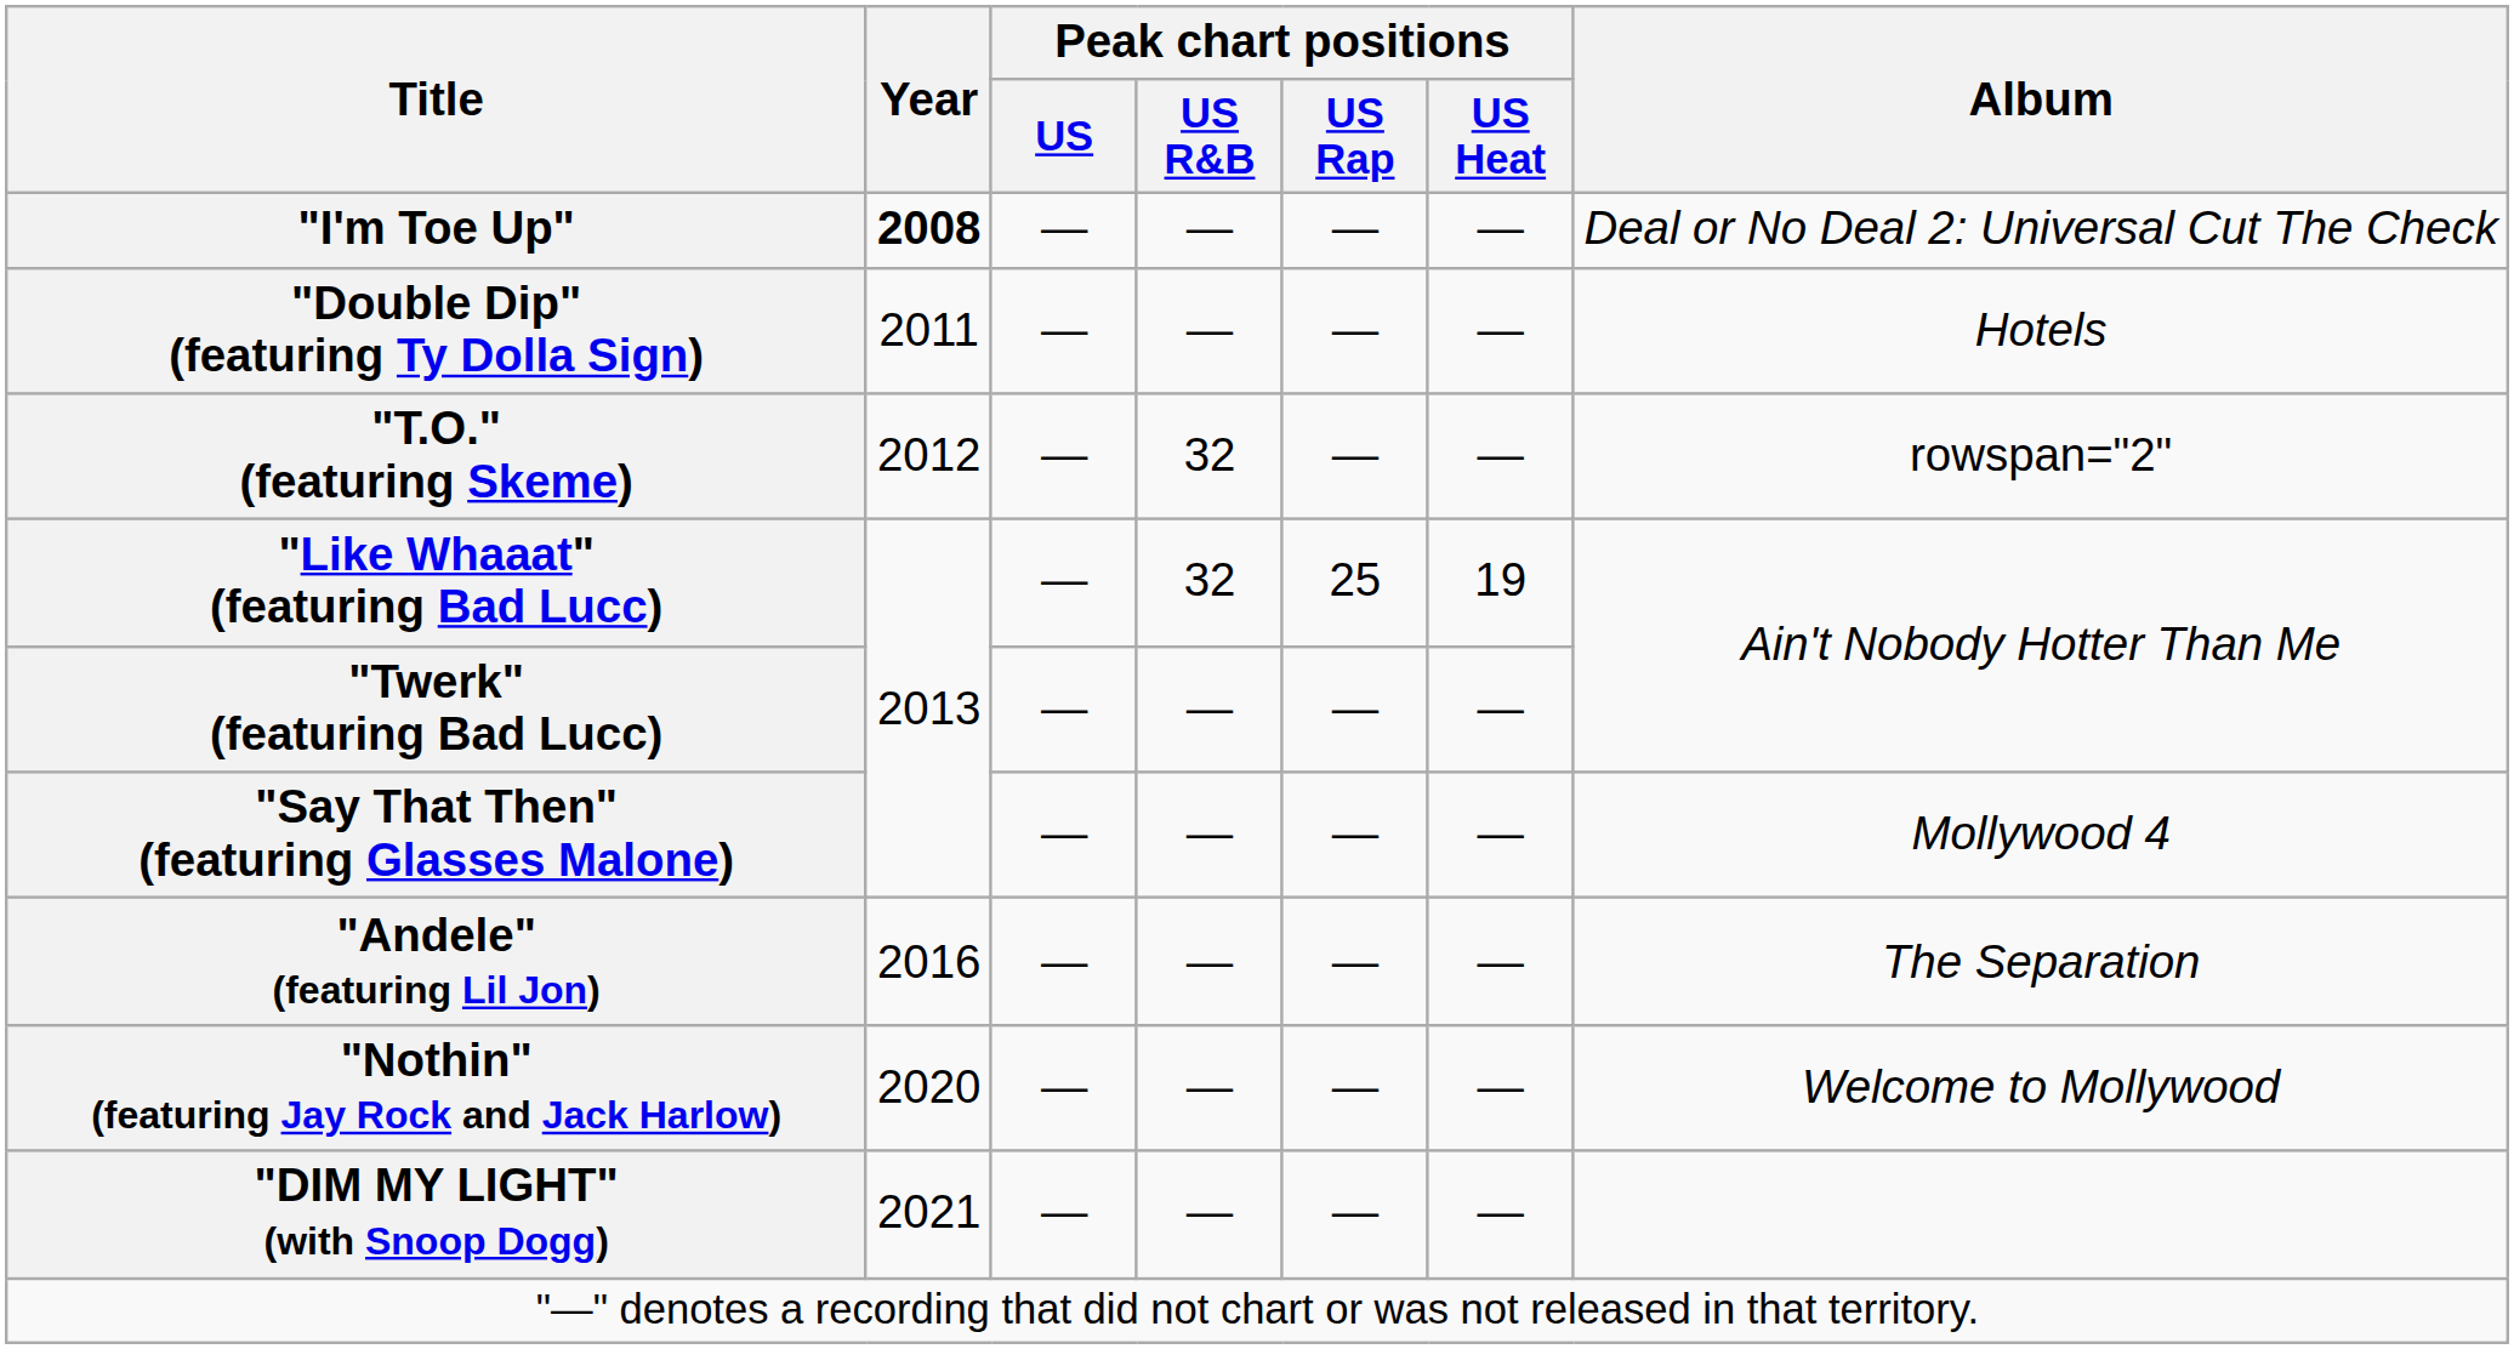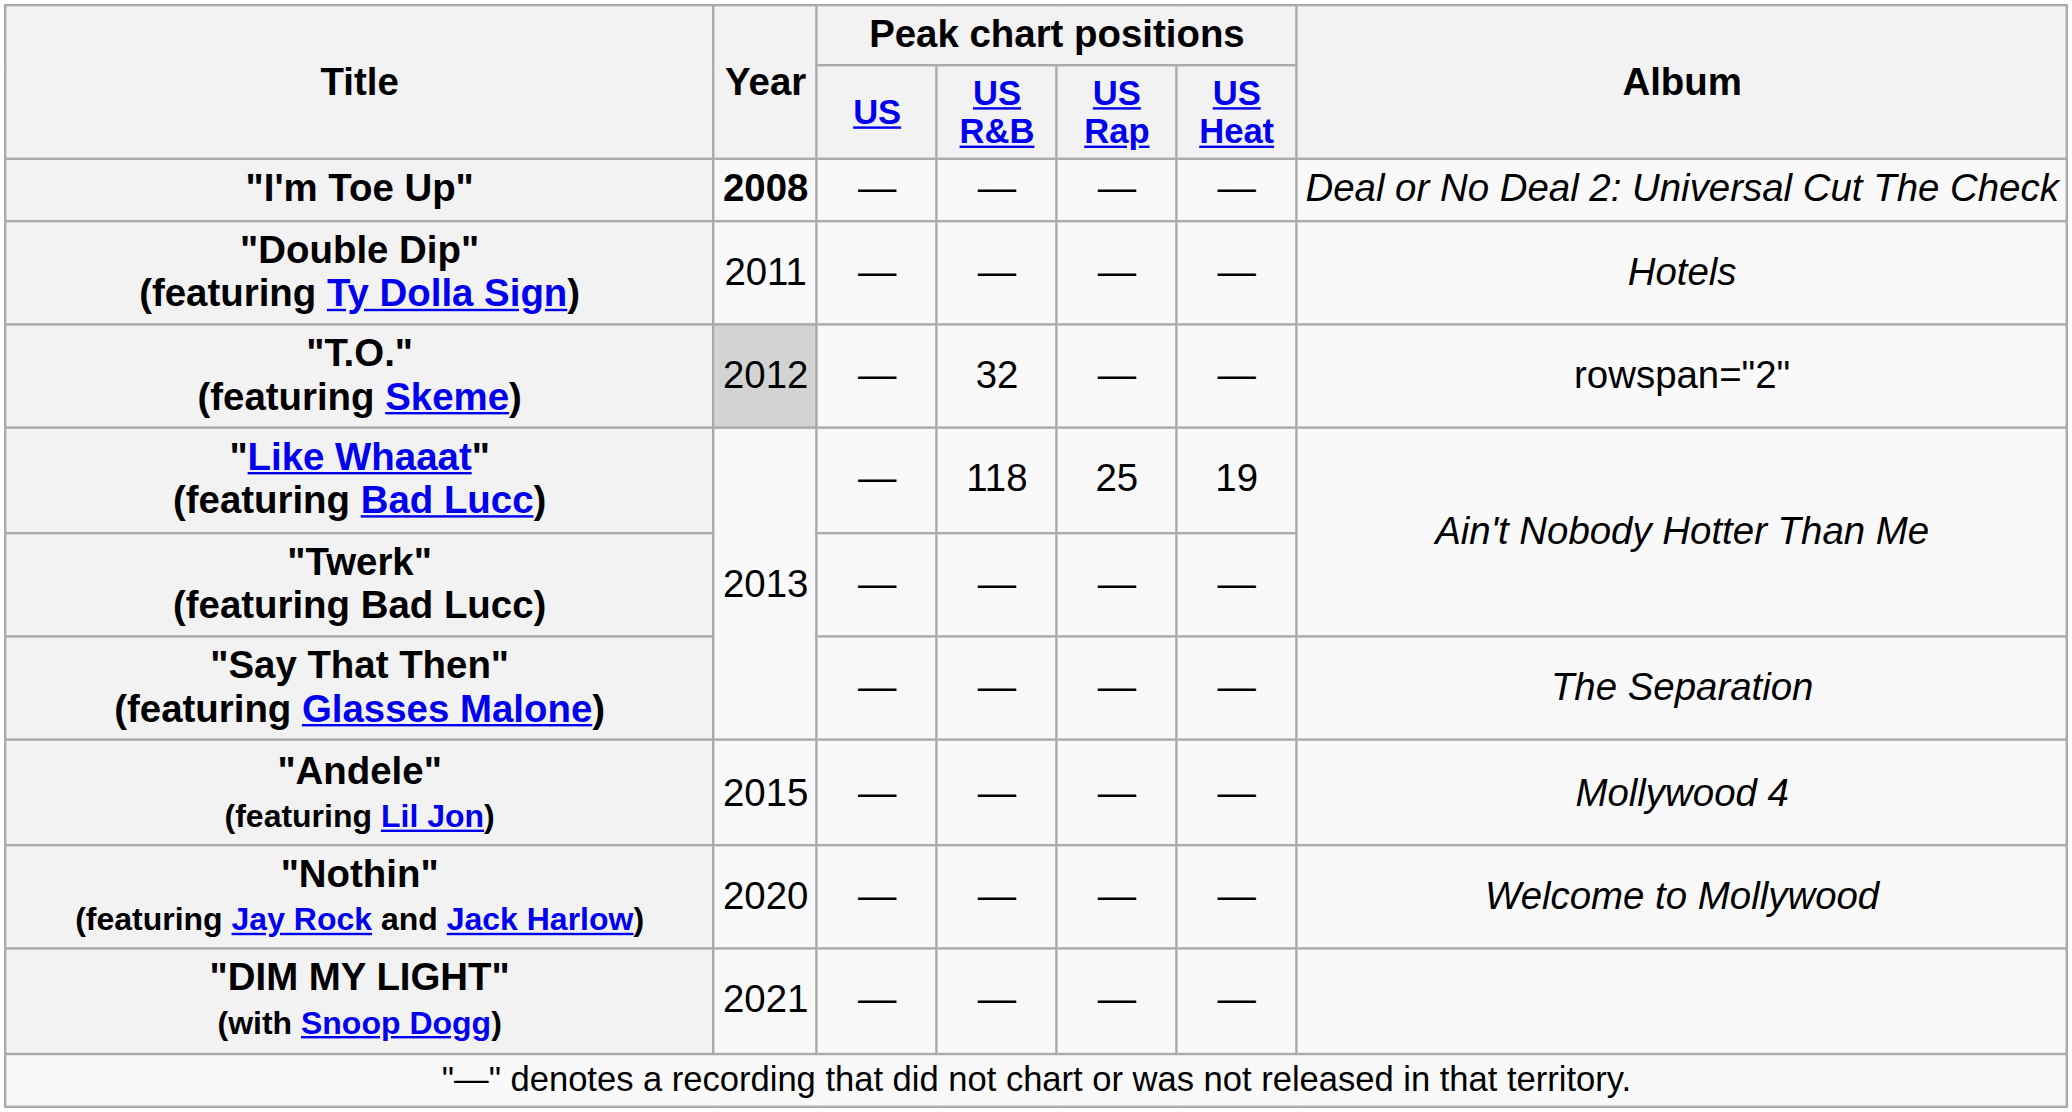 <table class="wikitable plainrowheaders" style="text-align:center;">
 <tr>
 <th scope="col" rowspan="2" style="width:18em;">Title</th>
 <th scope="col" rowspan="2">Year</th>
 <th scope="col" colspan="4">Peak chart positions</th>
 <th scope="col" rowspan="2">Album</th>
 </tr>
 <tr>
 <th scope="col" style="width:3em;font-size:90%;"><a href='#'>US</a><br></th>
 <th scope="col" style="width:3em;font-size:90%;"><a href='#'>US R&B</a><br></th>
 <th scope="col" style="width:3em;font-size:90%;"><a href='#'>US Rap</a><br></th>
 <th scope="col" style="width:3em;font-size:90%;"><a href='#'>US<br>Heat</a><br></th>
 </tr>
 <tr>
 <th scope="row">"I'm Toe Up"</th>
 <td><strong>2008</strong></td>
 <td>—</td>
 <td>—</td>
 <td>—</td>
 <td>—</td>
 <td><em>Deal or No Deal 2: Universal Cut The Check</em></td>
 </tr>
 <tr>
 <th scope="row">"Double Dip"<br><span>(featuring <a href='#'>Ty Dolla Sign</a>)</span></th>
 <td>2011</td>
 <td>—</td>
 <td>—</td>
 <td>—</td>
 <td>—</td>
 <td><em>Hotels</em></td>
 </tr>
 <tr>
 <th scope="row">"T.O."<br><span>(featuring <a href='#'>Skeme</a>)</span></th>
-<td>2012</td>
+<td style="background: lightgrey;">2012</td>
 <td>—</td>
 <td>32</td>
 <td>—</td>
 <td>—</td>
 <td>rowspan="2" </td>
 </tr>
 <tr>
 <th scope="row">"<a href='#'>Like Whaaat</a>"<br><span>(featuring <a href='#'>Bad Lucc</a>)</span></th>
 <td rowspan="3">2013</td>
 <td>—</td>
-<td>32</td>
+<td>118</td>
 <td>25</td>
 <td>19</td>
 <td rowspan="2"><em>Ain't Nobody Hotter Than Me</em></td>
 </tr>
 <tr>
 <th scope="row">"Twerk"<br><span>(featuring Bad Lucc)</span></th>
 <td>—</td>
 <td>—</td>
 <td>—</td>
 <td>—</td>
 </tr>
 <tr>
 <th scope="row">"Say That Then"<br><span>(featuring <a href='#'>Glasses Malone</a>)</span></th>
 <td>—</td>
 <td>—</td>
 <td>—</td>
 <td>—</td>
-<td><em>Mollywood 4</em></td>
+<td><em>The Separation</em></td>
 </tr>
 <tr>
 <th scope="row">"Andele"<br><small>(featuring <a href='#'>Lil Jon</a>)</small></th>
-<td>2016</td>
+<td>2015</td>
 <td>—</td>
 <td>—</td>
 <td>—</td>
 <td>—</td>
-<td><em>The Separation</em></td>
+<td><em>Mollywood 4</em></td>
 </tr>
 <tr>
 <th scope="row">"Nothin"<br><small>(featuring <a href='#'>Jay Rock</a> and <a href='#'>Jack Harlow</a>)</small></th>
 <td>2020</td>
 <td>―</td>
 <td>―</td>
 <td>―</td>
 <td>―</td>
 <td><em>Welcome to Mollywood</em></td>
 </tr>
 <tr>
 <th scope="row">"DIM MY LIGHT"<br><small>(with <a href='#'>Snoop Dogg</a>)</small></th>
 <td>2021</td>
 <td>―</td>
 <td>―</td>
 <td>―</td>
 <td>―</td>
 </tr>
 <tr>
 <td colspan="13" style="font-size:90%">"—" denotes a recording that did not chart or was not released in that territory.</td>
 </tr>
 </table>
